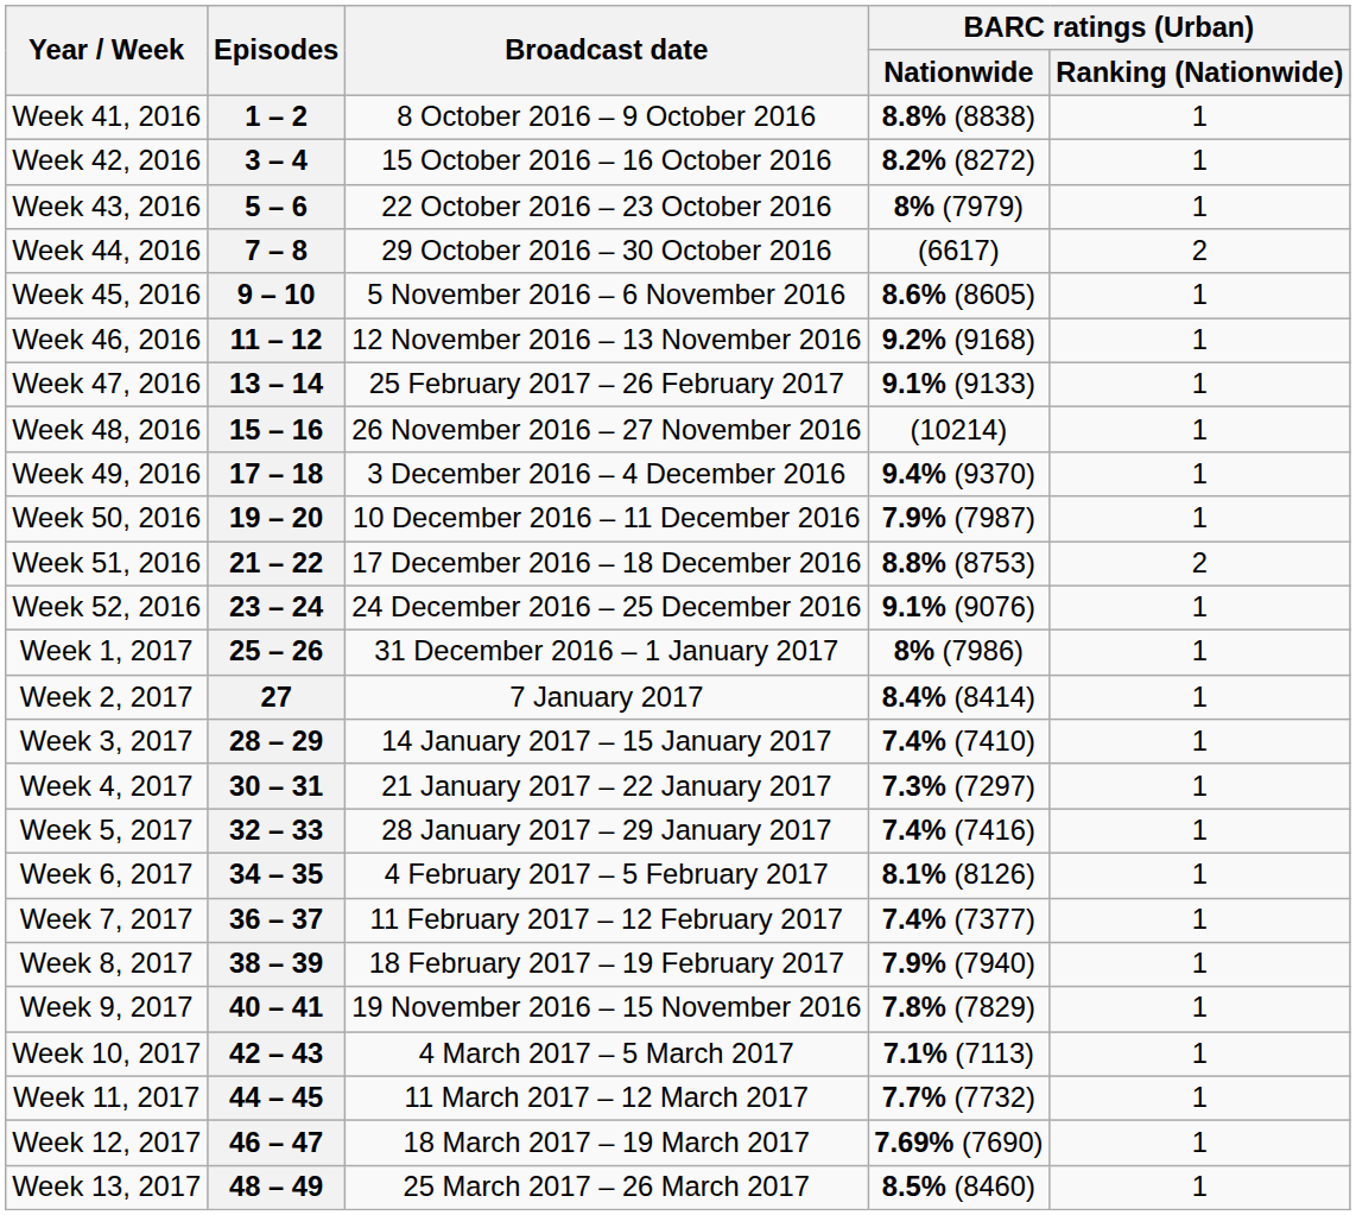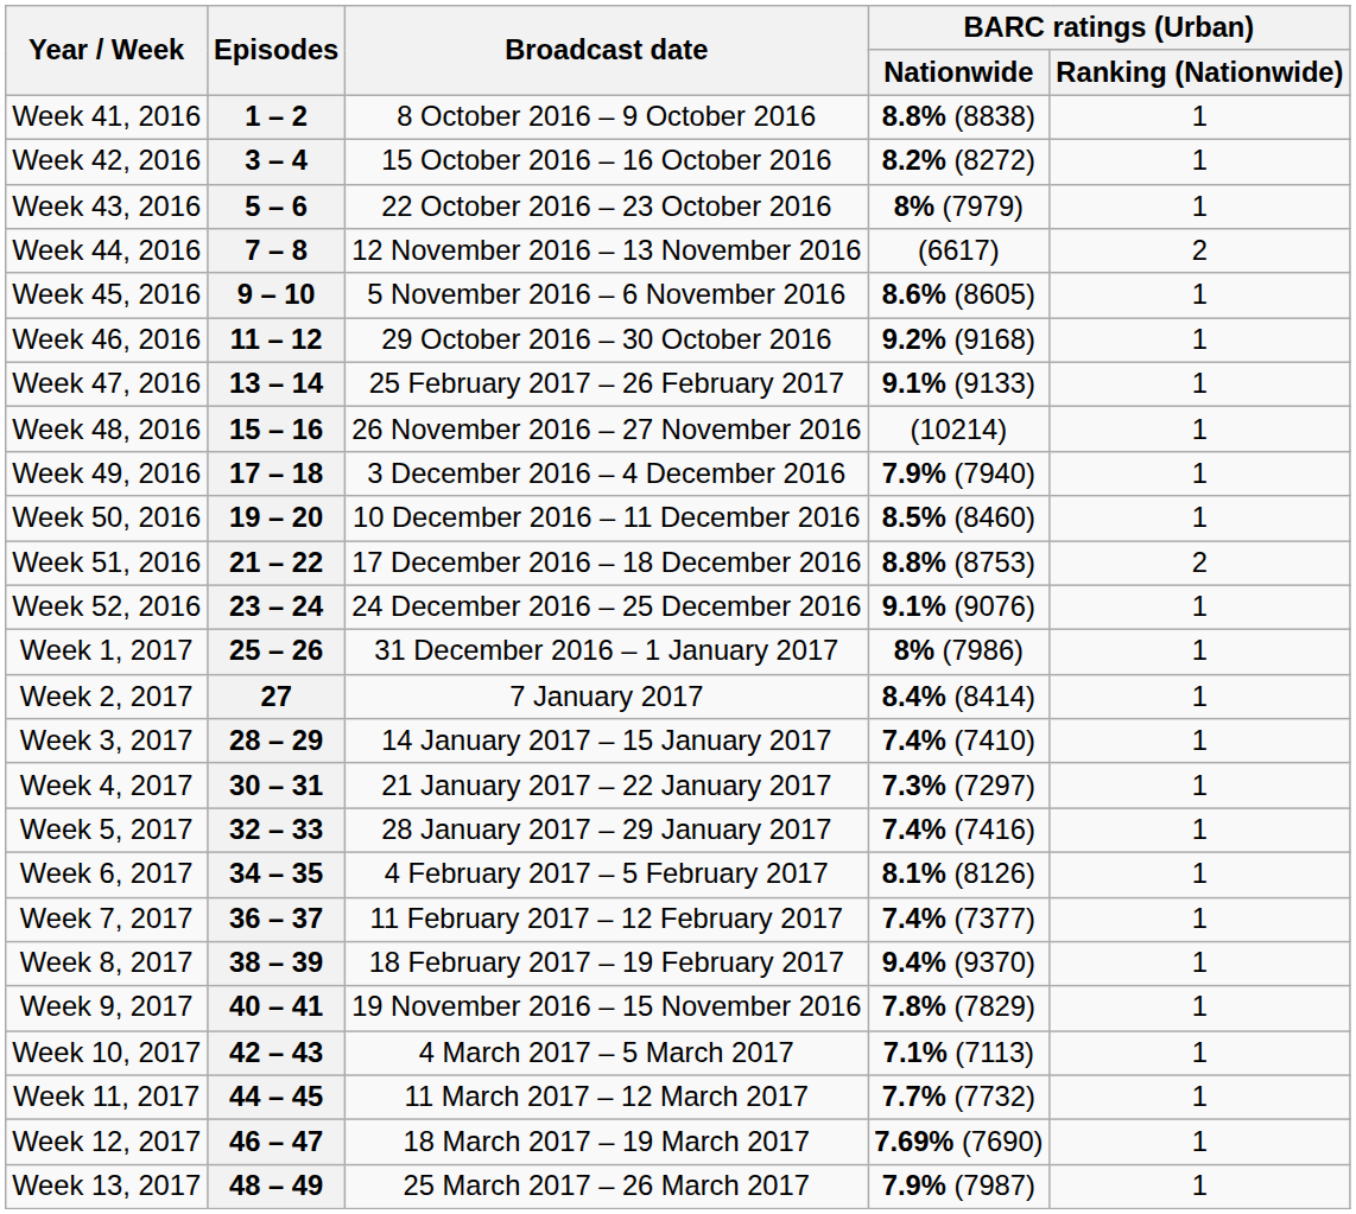 <table class="wikitable" style="text-align:center">
 <tr>
 <th rowspan="2">Year / Week</th>
 <th rowspan="2">Episodes</th>
 <th rowspan="2">Broadcast date</th>
 <th colspan="2">BARC ratings (Urban)</th>
 </tr>
 <tr>
 <th>Nationwide</th>
 <th>Ranking (Nationwide)</th>
 </tr>
 <tr>
 <td>Week 41, 2016</td>
 <th>1 – 2</th>
 <td>8 October 2016 – 9 October 2016</td>
 <td><strong>8.8%</strong> (8838)</td>
 <td>1</td>
 </tr>
 <tr>
 <td>Week 42, 2016</td>
 <th>3 – 4</th>
 <td>15 October 2016 – 16 October 2016</td>
 <td><strong>8.2%</strong> (8272)</td>
 <td>1</td>
 </tr>
 <tr>
 <td>Week 43, 2016</td>
 <th>5 – 6</th>
 <td>22 October 2016 – 23 October 2016</td>
 <td><strong>8%</strong> (7979)</td>
 <td>1</td>
 </tr>
 <tr>
 <td>Week 44, 2016</td>
 <th>7 – 8</th>
-<td>29 October 2016 – 30 October 2016</td>
+<td>12 November 2016 – 13 November 2016</td>
 <td> (6617)</td>
 <td>2</td>
 </tr>
 <tr>
 <td>Week 45, 2016</td>
 <th>9 – 10</th>
 <td>5 November 2016 – 6 November 2016</td>
 <td><strong>8.6%</strong> (8605)</td>
 <td>1</td>
 </tr>
 <tr>
 <td>Week 46, 2016</td>
 <th>11 – 12</th>
-<td>12 November 2016 – 13 November 2016</td>
+<td>29 October 2016 – 30 October 2016</td>
 <td><strong>9.2%</strong> (9168)</td>
 <td>1</td>
 </tr>
 <tr>
 <td>Week 47, 2016</td>
 <th>13 – 14</th>
 <td>25 February 2017 – 26 February 2017</td>
 <td><strong>9.1%</strong> (9133)</td>
 <td>1</td>
 </tr>
 <tr>
 <td>Week 48, 2016</td>
 <th>15 – 16</th>
 <td>26 November 2016 – 27 November 2016</td>
 <td> (10214)</td>
 <td>1</td>
 </tr>
 <tr>
 <td>Week 49, 2016</td>
 <th>17 – 18</th>
 <td>3 December 2016 – 4 December 2016</td>
-<td><strong>9.4%</strong> (9370)</td>
+<td><strong>7.9%</strong> (7940)</td>
 <td>1</td>
 </tr>
 <tr>
 <td>Week 50, 2016</td>
 <th>19 – 20</th>
 <td>10 December 2016 – 11 December 2016</td>
-<td><strong>7.9%</strong> (7987)</td>
+<td><strong>8.5%</strong> (8460)</td>
 <td>1</td>
 </tr>
 <tr>
 <td>Week 51, 2016</td>
 <th>21 – 22</th>
 <td>17 December 2016 – 18 December 2016</td>
 <td><strong>8.8%</strong> (8753)</td>
 <td>2</td>
 </tr>
 <tr>
 <td>Week 52, 2016</td>
 <th>23 – 24</th>
 <td>24 December 2016 – 25 December 2016</td>
 <td><strong>9.1%</strong> (9076)</td>
 <td>1</td>
 </tr>
 <tr>
 <td>Week 1, 2017</td>
 <th>25 – 26</th>
 <td>31 December 2016 – 1 January 2017</td>
 <td><strong>8%</strong> (7986)</td>
 <td>1</td>
 </tr>
 <tr>
 <td>Week 2, 2017</td>
 <th>27</th>
 <td>7 January 2017</td>
 <td><strong>8.4%</strong> (8414)</td>
 <td>1</td>
 </tr>
 <tr>
 <td>Week 3, 2017</td>
 <th>28 – 29</th>
 <td>14 January 2017 – 15 January 2017</td>
 <td><strong>7.4%</strong> (7410)</td>
 <td>1</td>
 </tr>
 <tr>
 <td>Week 4, 2017</td>
 <th>30 – 31</th>
 <td>21 January 2017 – 22 January 2017</td>
 <td><strong>7.3%</strong> (7297)</td>
 <td>1</td>
 </tr>
 <tr>
 <td>Week 5, 2017</td>
 <th>32 – 33</th>
 <td>28 January 2017 – 29 January 2017</td>
 <td><strong>7.4%</strong> (7416)</td>
 <td>1</td>
 </tr>
 <tr>
 <td>Week 6, 2017</td>
 <th>34 – 35</th>
 <td>4 February 2017 – 5 February 2017</td>
 <td><strong>8.1%</strong> (8126)</td>
 <td>1</td>
 </tr>
 <tr>
 <td>Week 7, 2017</td>
 <th>36 – 37</th>
 <td>11 February 2017 – 12 February 2017</td>
 <td><strong>7.4%</strong> (7377)</td>
 <td>1</td>
 </tr>
 <tr>
 <td>Week 8, 2017</td>
 <th>38 – 39</th>
 <td>18 February 2017 – 19 February 2017</td>
-<td><strong>7.9%</strong> (7940)</td>
+<td><strong>9.4%</strong> (9370)</td>
 <td>1</td>
 </tr>
 <tr>
 <td>Week 9, 2017</td>
 <th>40 – 41</th>
 <td>19 November 2016 – 15 November 2016</td>
 <td><strong>7.8%</strong> (7829)</td>
 <td>1</td>
 </tr>
 <tr>
 <td>Week 10, 2017</td>
 <th>42 – 43</th>
 <td>4 March 2017 – 5 March 2017</td>
 <td><strong>7.1%</strong> (7113)</td>
 <td>1</td>
 </tr>
 <tr>
 <td>Week 11, 2017</td>
 <th>44 – 45</th>
 <td>11 March 2017 – 12 March 2017</td>
 <td><strong>7.7%</strong> (7732)</td>
 <td>1</td>
 </tr>
 <tr>
 <td>Week 12, 2017</td>
 <th>46 – 47</th>
 <td>18 March 2017 – 19 March 2017</td>
 <td><strong>7.69%</strong> (7690)</td>
 <td>1</td>
 </tr>
 <tr>
 <td>Week 13, 2017</td>
 <th>48 – 49</th>
 <td>25 March 2017 – 26 March 2017</td>
-<td><strong>8.5%</strong> (8460)</td>
+<td><strong>7.9%</strong> (7987)</td>
 <td>1</td>
 </tr>
 </table>
